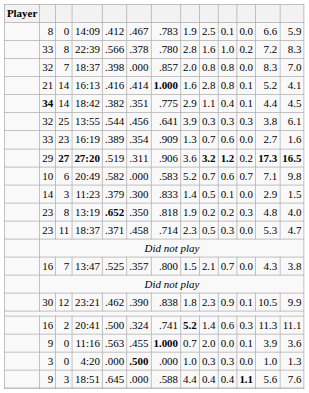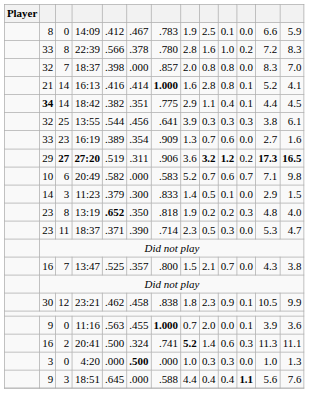 <table class="wikitable sortable" style="font-size:95%; text-align:right;">
 <tr>
 <th>Player</th>
 <th></th>
 <th></th>
 <th></th>
 <th></th>
 <th></th>
 <th></th>
 <th></th>
 <th></th>
 <th></th>
 <th></th>
 <th></th>
 <th></th>
 </tr>
 <tr>
 <td><strong></strong></td>
 <td>8</td>
 <td>0</td>
 <td>14:09</td>
 <td>.412</td>
 <td>.467</td>
 <td>.783</td>
 <td>1.9</td>
 <td>2.5</td>
 <td>0.1</td>
 <td>0.0</td>
 <td>6.6</td>
 <td>5.9</td>
 </tr>
 <tr>
 <td><strong></strong></td>
 <td>33</td>
 <td>8</td>
 <td>22:39</td>
 <td>.566</td>
 <td>.378</td>
 <td>.780</td>
 <td>2.8</td>
 <td>1.6</td>
 <td>1.0</td>
 <td>0.2</td>
 <td>7.2</td>
 <td>8.3</td>
 </tr>
 <tr>
 <td><strong></strong></td>
 <td>32</td>
 <td>7</td>
 <td>18:37</td>
 <td>.398</td>
 <td>.000</td>
 <td>.857</td>
 <td>2.0</td>
 <td>0.8</td>
 <td>0.8</td>
 <td>0.0</td>
 <td>8.3</td>
 <td>7.0</td>
 </tr>
 <tr>
 <td><strong></strong></td>
 <td>21</td>
 <td>14</td>
 <td>16:13</td>
 <td>.416</td>
 <td>.414</td>
 <td><strong>1.000</strong></td>
 <td>1.6</td>
 <td>2.8</td>
 <td>0.8</td>
 <td>0.1</td>
 <td>5.2</td>
 <td>4.1</td>
 </tr>
 <tr>
 <td><strong></strong></td>
 <td><strong>34</strong></td>
 <td>14</td>
 <td>18:42</td>
 <td>.382</td>
 <td>.351</td>
 <td>.775</td>
 <td>2.9</td>
 <td>1.1</td>
 <td>0.4</td>
 <td>0.1</td>
 <td>4.4</td>
 <td>4.5</td>
 </tr>
 <tr>
 <td><strong></strong></td>
 <td>32</td>
 <td>25</td>
 <td>13:55</td>
 <td>.544</td>
 <td>.456</td>
 <td>.641</td>
 <td>3.9</td>
 <td>0.3</td>
 <td>0.3</td>
 <td>0.3</td>
 <td>3.8</td>
 <td>6.1</td>
 </tr>
 <tr>
 <td><strong></strong></td>
 <td>33</td>
 <td>23</td>
 <td>16:19</td>
 <td>.389</td>
 <td>.354</td>
 <td>.909</td>
 <td>1.3</td>
 <td>0.7</td>
 <td>0.6</td>
 <td>0.0</td>
 <td>2.7</td>
 <td>1.6</td>
 </tr>
 <tr>
 <td><strong></strong></td>
 <td>29</td>
 <td><strong>27</strong></td>
 <td><strong>27:20</strong></td>
 <td>.519</td>
 <td>.311</td>
 <td>.906</td>
 <td>3.6</td>
 <td><strong>3.2</strong></td>
 <td><strong>1.2</strong></td>
 <td>0.2</td>
 <td><strong>17.3</strong></td>
 <td><strong>16.5</strong></td>
 </tr>
 <tr>
 <td><strong></strong></td>
 <td>10</td>
 <td>6</td>
 <td>20:49</td>
 <td>.582</td>
 <td>.000</td>
 <td>.583</td>
 <td>5.2</td>
 <td>0.7</td>
 <td>0.6</td>
 <td>0.7</td>
 <td>7.1</td>
 <td>9.8</td>
 </tr>
 <tr>
 <td><strong></strong></td>
 <td>14</td>
 <td>3</td>
 <td>11:23</td>
 <td>.379</td>
 <td>.300</td>
 <td>.833</td>
 <td>1.4</td>
 <td>0.5</td>
 <td>0.1</td>
 <td>0.0</td>
 <td>2.9</td>
 <td>1.5</td>
 </tr>
 <tr>
 <td><strong></strong></td>
 <td>23</td>
 <td>8</td>
 <td>13:19</td>
 <td><strong>.652</strong></td>
 <td>.350</td>
 <td>.818</td>
 <td>1.9</td>
 <td>0.2</td>
 <td>0.2</td>
 <td>0.3</td>
 <td>4.8</td>
 <td>4.0</td>
 </tr>
 <tr>
 <td><strong></strong></td>
 <td>23</td>
 <td>11</td>
 <td>18:37</td>
 <td>.371</td>
-<td>.458</td>
+<td>.390</td>
 <td>.714</td>
 <td>2.3</td>
 <td>0.5</td>
 <td>0.3</td>
 <td>0.0</td>
 <td>5.3</td>
 <td>4.7</td>
 </tr>
 <tr>
 <td><strong></strong></td>
 <td colspan=12 data-sort-value="-50" style="text-align:center"><em>Did not play</em></td>
 </tr>
 <tr>
 <td><strong></strong></td>
 <td>16</td>
 <td>7</td>
 <td>13:47</td>
 <td>.525</td>
 <td>.357</td>
 <td>.800</td>
 <td>1.5</td>
 <td>2.1</td>
 <td>0.7</td>
 <td>0.0</td>
 <td>4.3</td>
 <td>3.8</td>
 </tr>
 <tr>
 <td><strong></strong></td>
 <td colspan=12 data-sort-value="-50" style="text-align:center"><em>Did not play</em></td>
 </tr>
 <tr>
 <td><strong></strong></td>
 <td>30</td>
 <td>12</td>
 <td>23:21</td>
 <td>.462</td>
-<td>.390</td>
+<td>.458</td>
 <td>.838</td>
 <td>1.8</td>
 <td>2.3</td>
 <td>0.9</td>
 <td>0.1</td>
 <td>10.5</td>
 <td>9.9</td>
 </tr>
 <tr class="sortbottom">
 <td colspan=13></td>
+</tr>
+<tr>
+<td><em></em></td>
+<td>9</td>
+<td>0</td>
+<td>11:16</td>
+<td>.563</td>
+<td>.455</td>
+<td><strong>1.000</strong></td>
+<td>0.7</td>
+<td>2.0</td>
+<td>0.0</td>
+<td>0.1</td>
+<td>3.9</td>
+<td>3.6</td>
 </tr>
 <tr>
 <td><em></em></td>
 <td>16</td>
 <td>2</td>
 <td>20:41</td>
 <td>.500</td>
 <td>.324</td>
 <td>.741</td>
 <td><strong>5.2</strong></td>
 <td>1.4</td>
 <td>0.6</td>
 <td>0.3</td>
 <td>11.3</td>
 <td>11.1</td>
-</tr>
-<tr>
-<td><em></em></td>
-<td>9</td>
-<td>0</td>
-<td>11:16</td>
-<td>.563</td>
-<td>.455</td>
-<td><strong>1.000</strong></td>
-<td>0.7</td>
-<td>2.0</td>
-<td>0.0</td>
-<td>0.1</td>
-<td>3.9</td>
-<td>3.6</td>
 </tr>
 <tr>
 <td><em></em></td>
 <td>3</td>
 <td>0</td>
 <td>4:20</td>
 <td>.000</td>
 <td><strong>.500</strong></td>
 <td>.000</td>
 <td>1.0</td>
 <td>0.3</td>
 <td>0.3</td>
 <td>0.0</td>
 <td>1.0</td>
 <td>1.3</td>
 </tr>
 <tr>
 <td><em></em></td>
 <td>9</td>
 <td>3</td>
 <td>18:51</td>
 <td>.645</td>
 <td>.000</td>
 <td>.588</td>
 <td>4.4</td>
 <td>0.4</td>
 <td>0.4</td>
 <td><strong>1.1</strong></td>
 <td>5.6</td>
 <td>7.6</td>
 </tr>
 <tr>
 </tr>
 </table>
